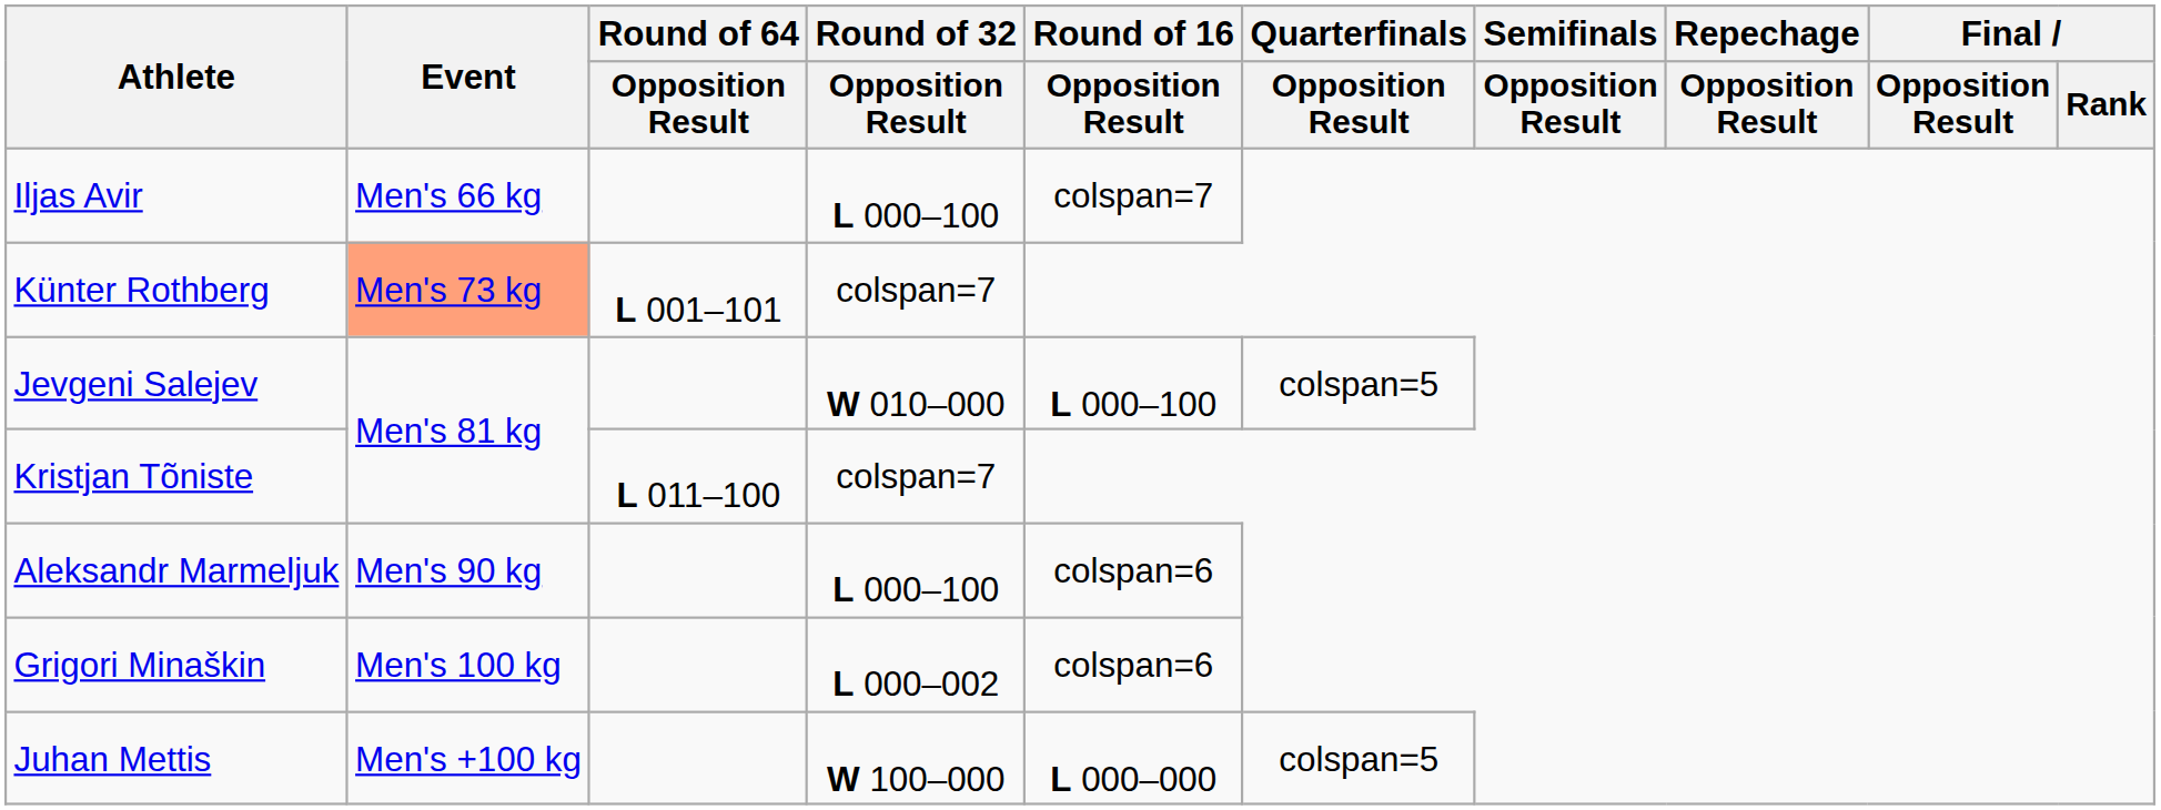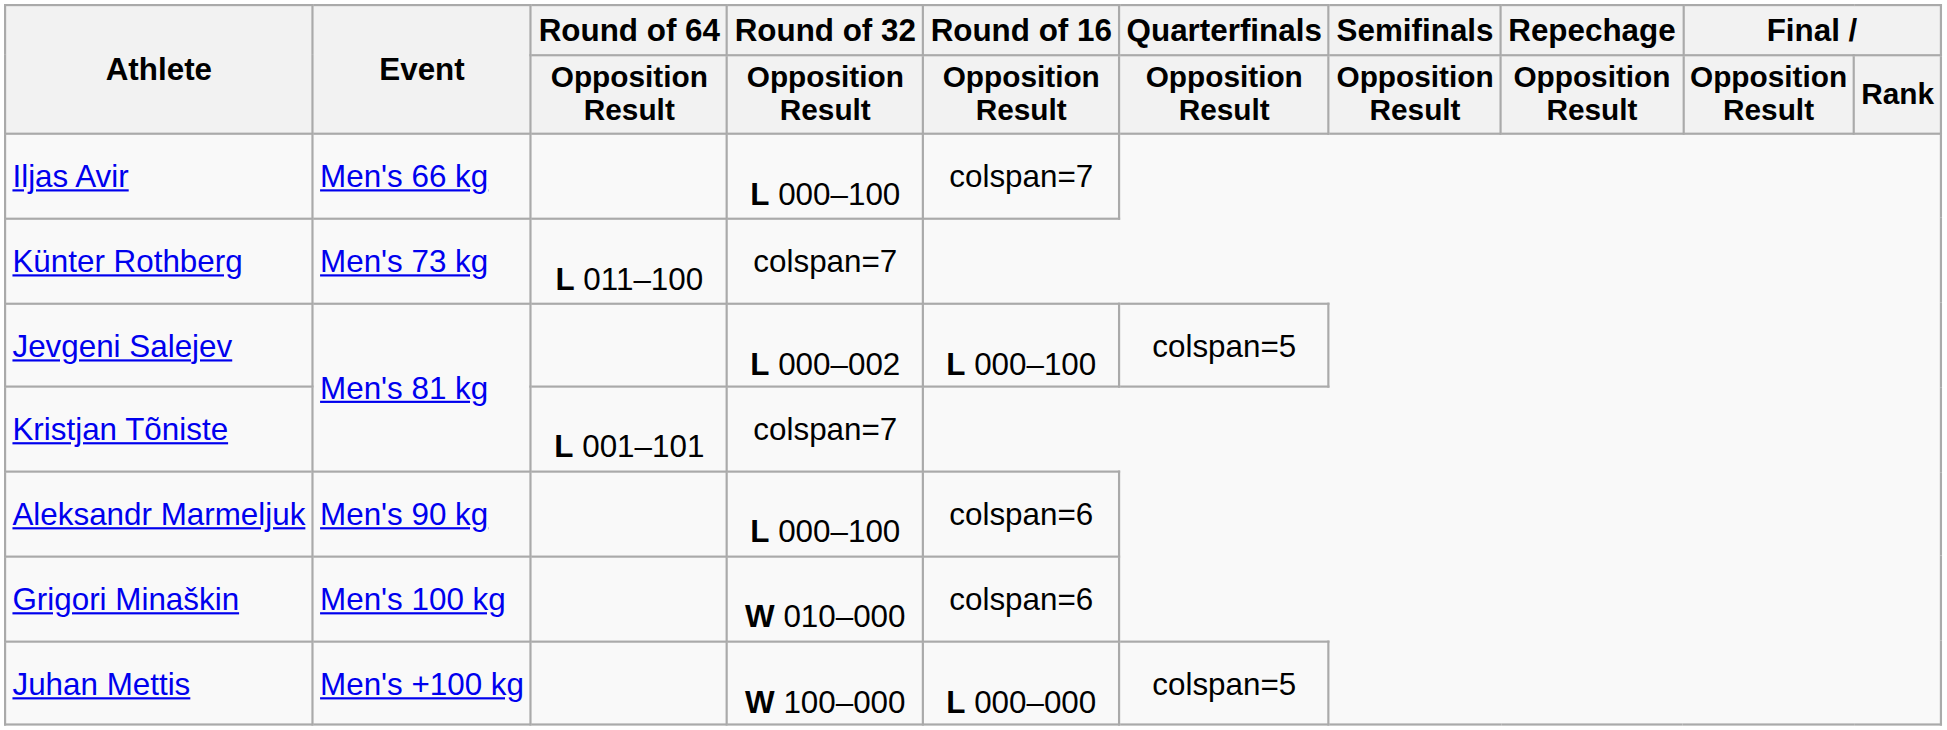 <table class="wikitable" style="font-size:90%">
 <tr>
 <th rowspan="2">Athlete</th>
 <th rowspan="2">Event</th>
 <th>Round of 64</th>
 <th>Round of 32</th>
 <th>Round of 16</th>
 <th>Quarterfinals</th>
 <th>Semifinals</th>
 <th>Repechage</th>
 <th colspan=2>Final / </th>
 </tr>
 <tr style="font-size:95%">
 <th>Opposition<br>Result</th>
 <th>Opposition<br>Result</th>
 <th>Opposition<br>Result</th>
 <th>Opposition<br>Result</th>
 <th>Opposition<br>Result</th>
 <th>Opposition<br>Result</th>
 <th>Opposition<br>Result</th>
 <th>Rank</th>
 </tr>
 <tr align=center>
 <td align=left><a href='#'>Iljas Avir</a></td>
 <td align=left><a href='#'>Men's 66 kg</a></td>
 <td></td>
 <td><br><strong>L</strong> 000–100</td>
 <td>colspan=7 </td>
 </tr>
 <tr align=center>
 <td align=left><a href='#'>Künter Rothberg</a></td>
-<td align=left style="background: lightsalmon;"><a href='#'>Men's 73 kg</a></td>
-<td><br><strong>L</strong> 001–101</td>
+<td align=left><a href='#'>Men's 73 kg</a></td>
+<td><br><strong>L</strong> 011–100</td>
 <td>colspan=7 </td>
 </tr>
 <tr align=center>
 <td align=left><a href='#'>Jevgeni Salejev</a></td>
 <td align=left rowspan=2><a href='#'>Men's 81 kg</a></td>
 <td></td>
-<td><br><strong>W</strong> 010–000</td>
+<td><br><strong>L</strong> 000–002</td>
 <td><br><strong>L</strong> 000–100</td>
 <td>colspan=5 </td>
 </tr>
 <tr align=center>
 <td align=left><a href='#'>Kristjan Tõniste</a></td>
-<td><br><strong>L</strong> 011–100</td>
+<td><br><strong>L</strong> 001–101</td>
 <td>colspan=7 </td>
 </tr>
 <tr align=center>
 <td align=left><a href='#'>Aleksandr Marmeljuk</a></td>
 <td align=left><a href='#'>Men's 90 kg</a></td>
 <td></td>
 <td><br><strong>L</strong> 000–100</td>
 <td>colspan=6 </td>
 </tr>
 <tr align=center>
 <td align=left><a href='#'>Grigori Minaškin</a></td>
 <td align=left><a href='#'>Men's 100 kg</a></td>
 <td></td>
-<td><br><strong>L</strong> 000–002</td>
+<td><br><strong>W</strong> 010–000</td>
 <td>colspan=6 </td>
 </tr>
 <tr align=center>
 <td align=left><a href='#'>Juhan Mettis</a></td>
 <td align=left><a href='#'>Men's +100 kg</a></td>
 <td></td>
 <td><br><strong>W</strong> 100–000</td>
 <td><br><strong>L</strong> 000–000</td>
 <td>colspan=5 </td>
 </tr>
 </table>
